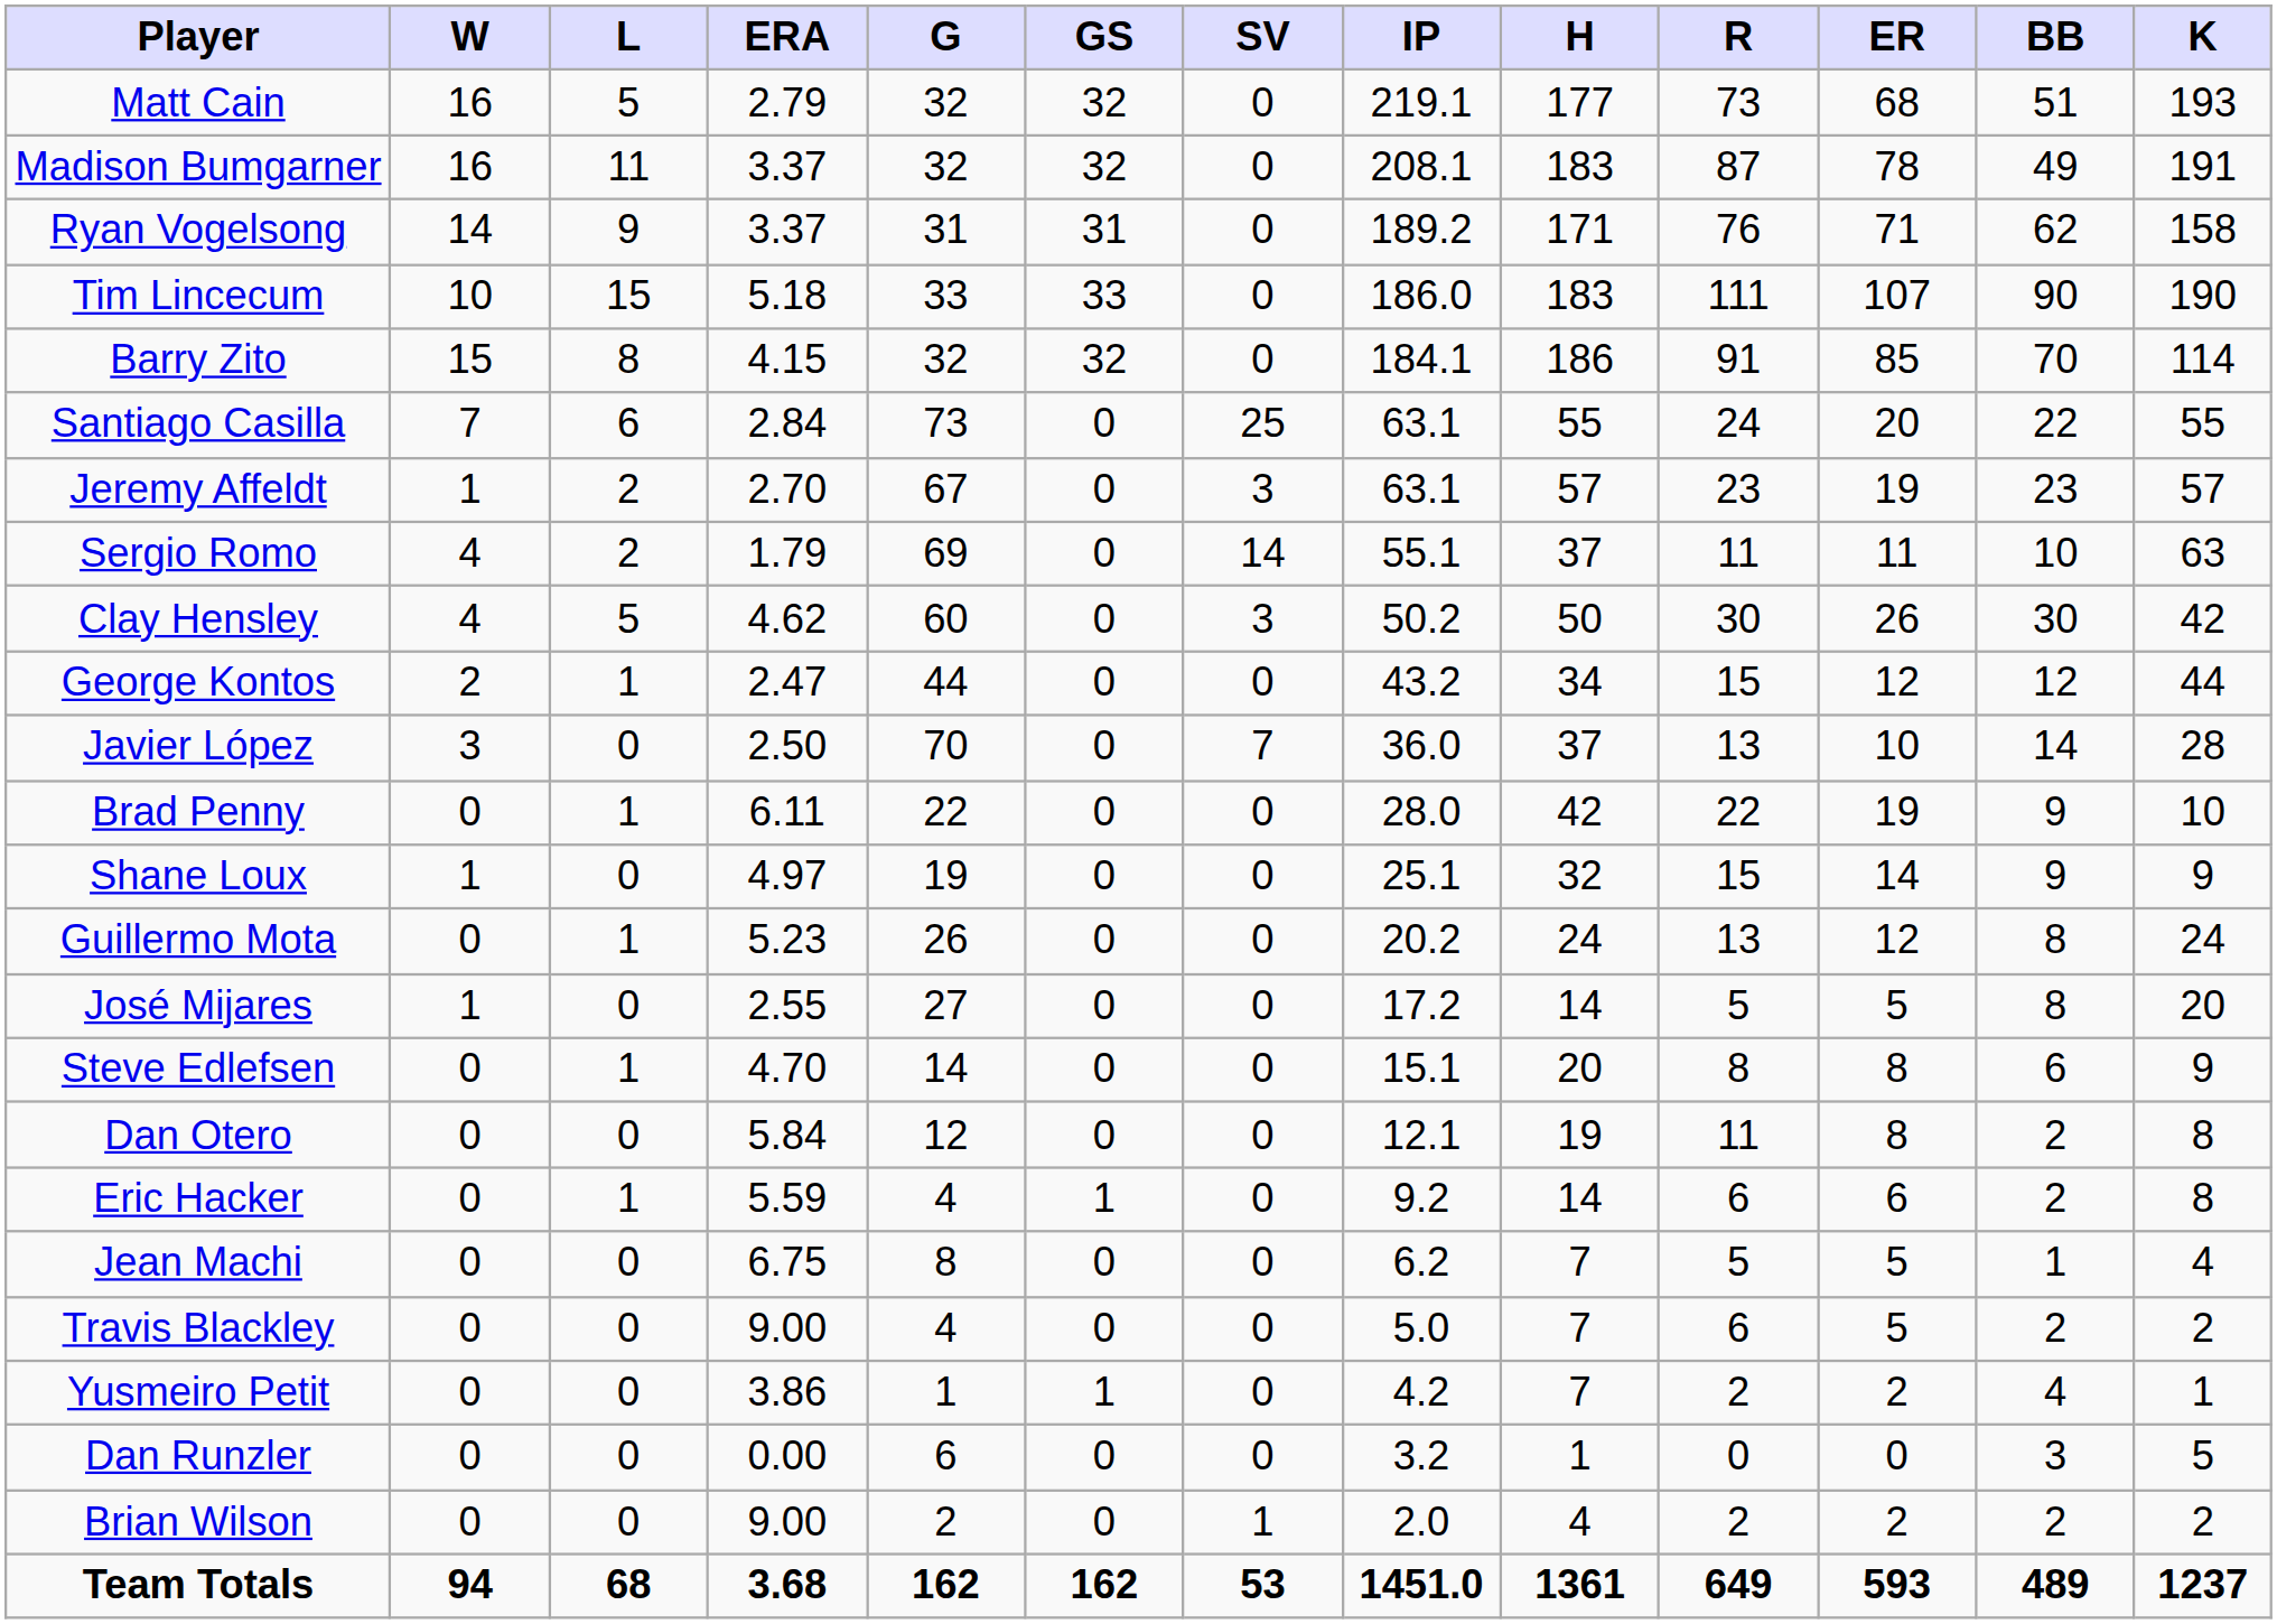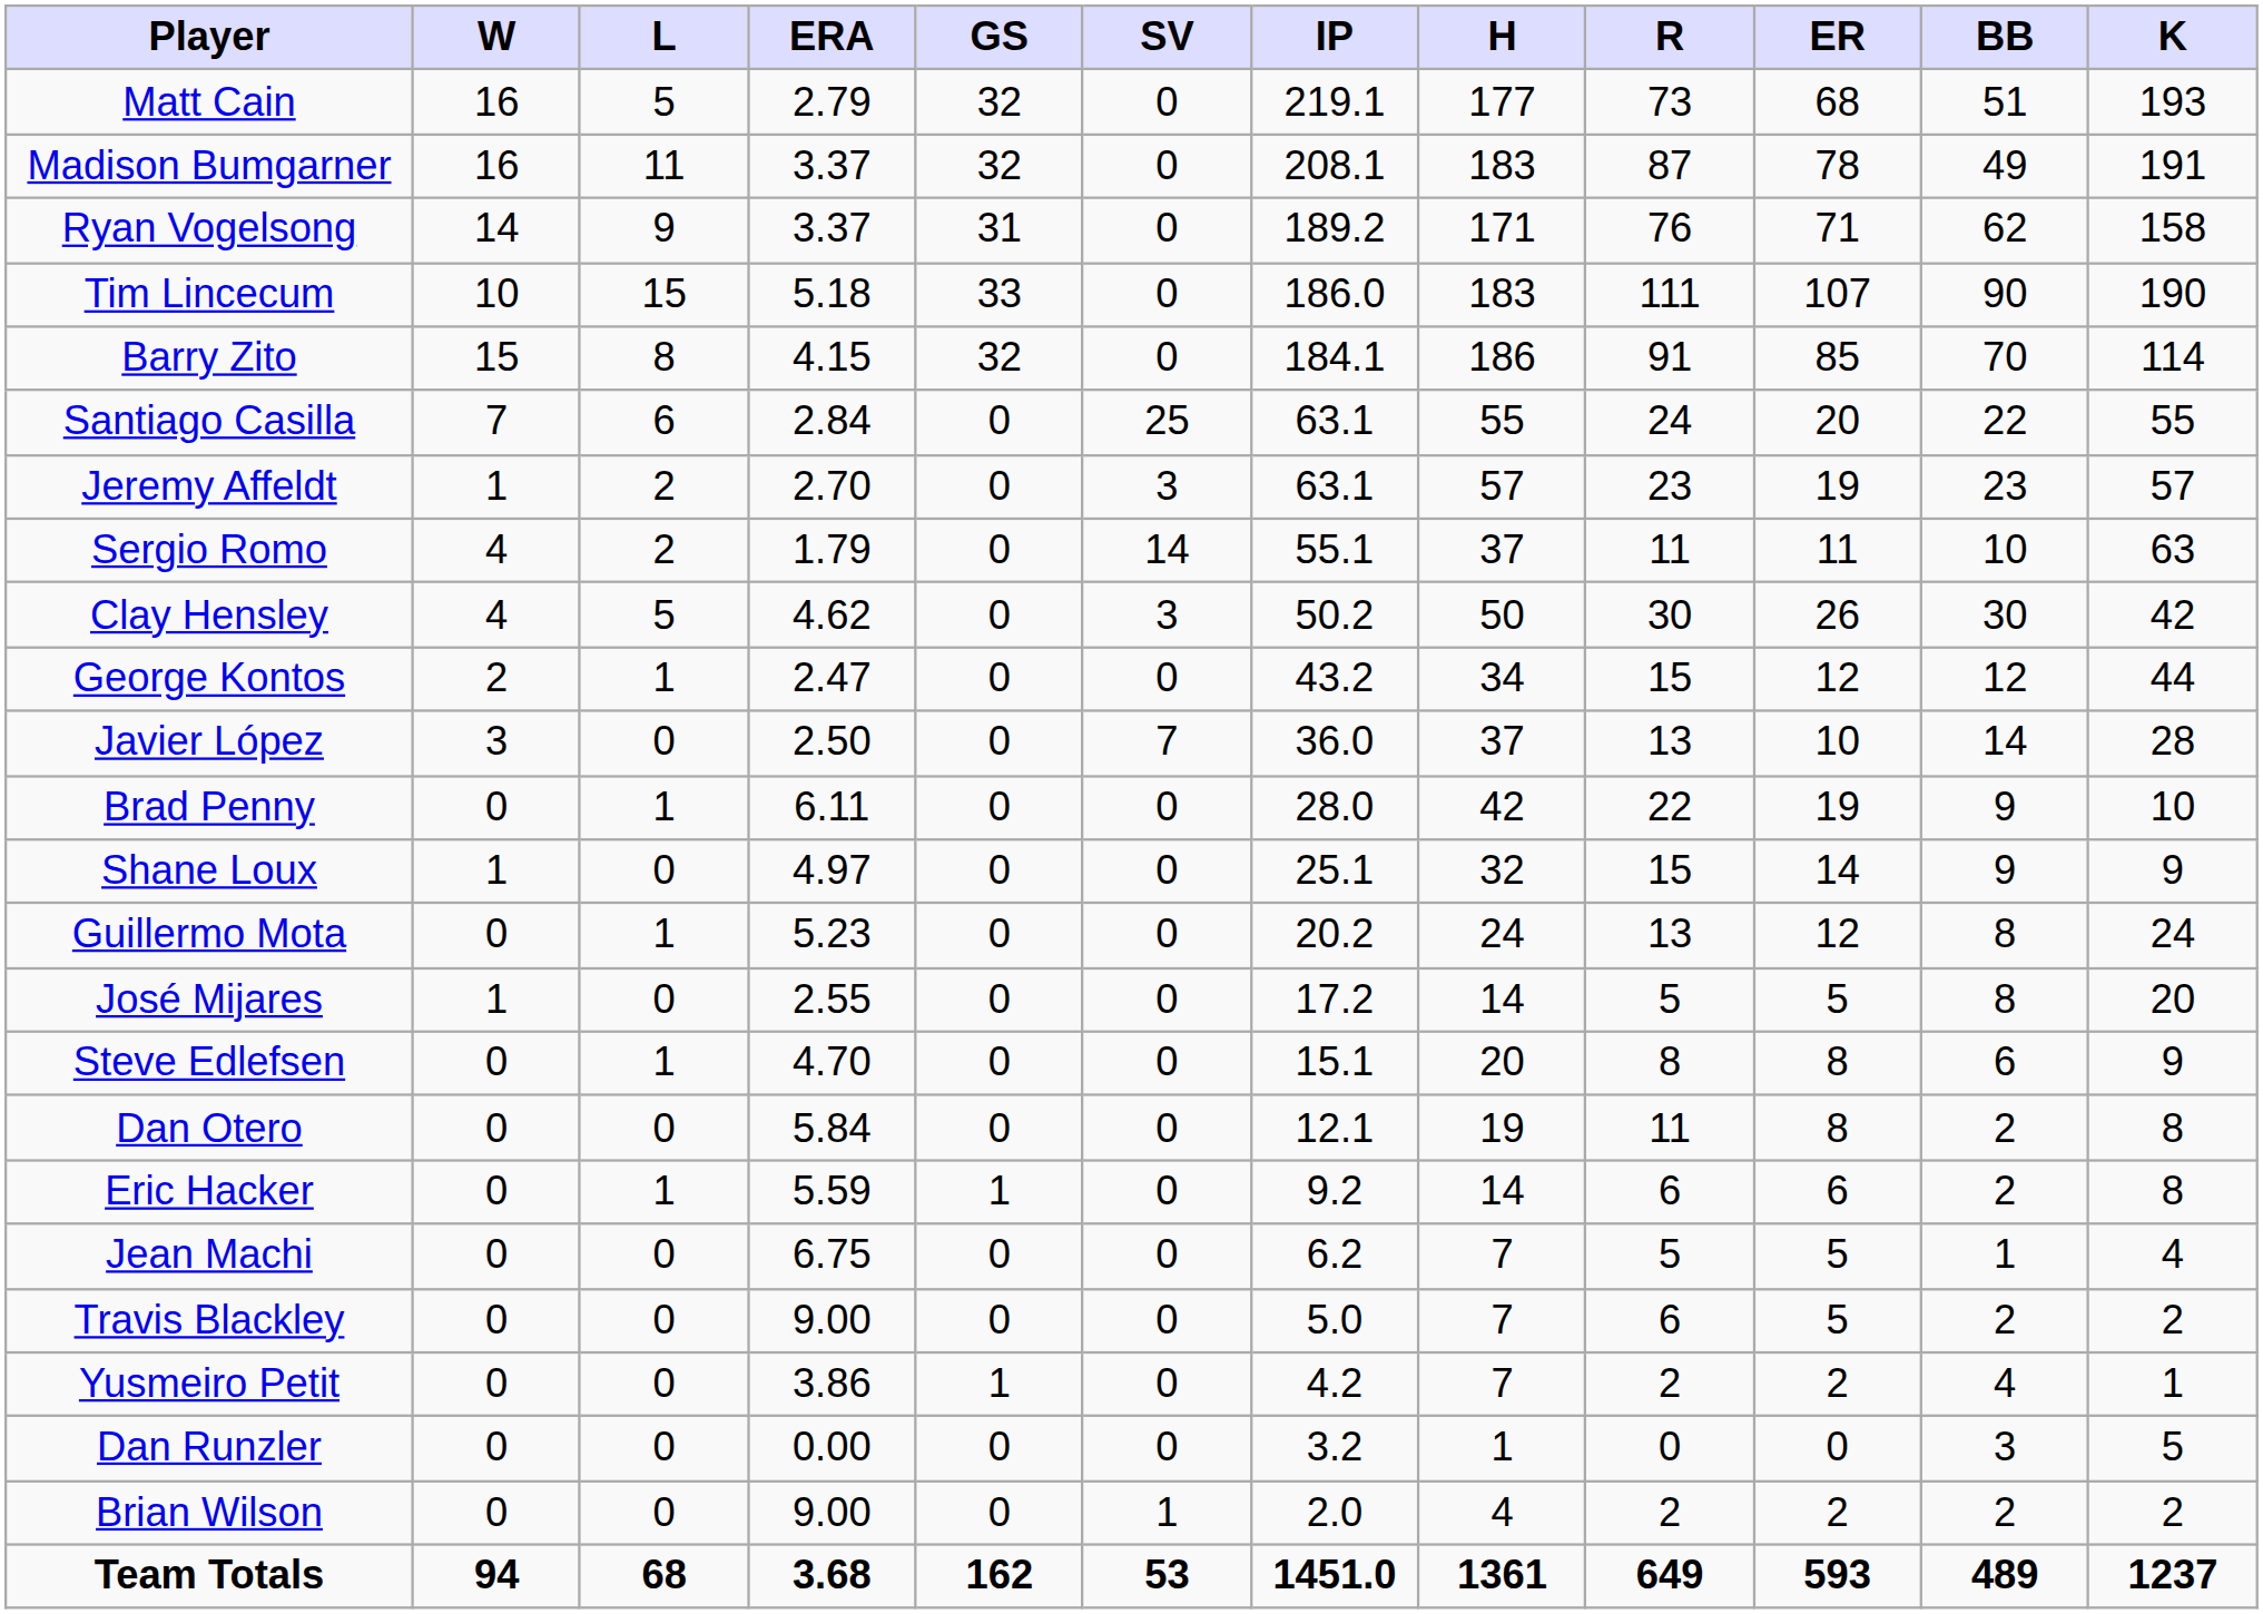 <table class="wikitable sortable" style="text-align:center; border:1px;; cellpadding:2; cellspacing:0;">
 <tr>
 <th style="background:#ddf; width:17%;">Player</th>
 <th style="background:#ddf; width:7%;">W</th>
 <th style="background:#ddf; width:7%;">L</th>
 <th style="background:#ddf; width:7%;">ERA</th>
-<th style="background:#ddf; width:7%;">G</th>
 <th style="background:#ddf; width:7%;">GS</th>
 <th style="background:#ddf; width:7%;">SV</th>
 <th style="background:#ddf; width:7%;">IP</th>
 <th style="background:#ddf; width:7%;">H</th>
 <th style="background:#ddf; width:7%;">R</th>
 <th style="background:#ddf; width:7%;">ER</th>
 <th style="background:#ddf; width:7%;">BB</th>
 <th style="background:#ddf; width:7%;">K</th>
 </tr>
 <tr align=center>
 <td><a href='#'>Matt Cain</a></td>
 <td>16</td>
 <td>5</td>
 <td>2.79</td>
 <td>32</td>
-<td>32</td>
 <td>0</td>
 <td>219.1</td>
 <td>177</td>
 <td>73</td>
 <td>68</td>
 <td>51</td>
 <td>193</td>
 </tr>
 <tr align=center>
 <td><a href='#'>Madison Bumgarner</a></td>
 <td>16</td>
 <td>11</td>
 <td>3.37</td>
-<td>32</td>
 <td>32</td>
 <td>0</td>
 <td>208.1</td>
 <td>183</td>
 <td>87</td>
 <td>78</td>
 <td>49</td>
 <td>191</td>
 </tr>
 <tr align=center>
 <td><a href='#'>Ryan Vogelsong</a></td>
 <td>14</td>
 <td>9</td>
 <td>3.37</td>
 <td>31</td>
-<td>31</td>
 <td>0</td>
 <td>189.2</td>
 <td>171</td>
 <td>76</td>
 <td>71</td>
 <td>62</td>
 <td>158</td>
 </tr>
 <tr align=center>
 <td><a href='#'>Tim Lincecum</a></td>
 <td>10</td>
 <td>15</td>
 <td>5.18</td>
-<td>33</td>
 <td>33</td>
 <td>0</td>
 <td>186.0</td>
 <td>183</td>
 <td>111</td>
 <td>107</td>
 <td>90</td>
 <td>190</td>
 </tr>
 <tr align=center>
 <td><a href='#'>Barry Zito</a></td>
 <td>15</td>
 <td>8</td>
 <td>4.15</td>
 <td>32</td>
-<td>32</td>
 <td>0</td>
 <td>184.1</td>
 <td>186</td>
 <td>91</td>
 <td>85</td>
 <td>70</td>
 <td>114</td>
 </tr>
 <tr align=center>
 <td><a href='#'>Santiago Casilla</a></td>
 <td>7</td>
 <td>6</td>
 <td>2.84</td>
-<td>73</td>
 <td>0</td>
 <td>25</td>
 <td>63.1</td>
 <td>55</td>
 <td>24</td>
 <td>20</td>
 <td>22</td>
 <td>55</td>
 </tr>
 <tr align=center>
 <td><a href='#'>Jeremy Affeldt</a></td>
 <td>1</td>
 <td>2</td>
 <td>2.70</td>
-<td>67</td>
 <td>0</td>
 <td>3</td>
 <td>63.1</td>
 <td>57</td>
 <td>23</td>
 <td>19</td>
 <td>23</td>
 <td>57</td>
 </tr>
 <tr align=center>
 <td><a href='#'>Sergio Romo</a></td>
 <td>4</td>
 <td>2</td>
 <td>1.79</td>
-<td>69</td>
 <td>0</td>
 <td>14</td>
 <td>55.1</td>
 <td>37</td>
 <td>11</td>
 <td>11</td>
 <td>10</td>
 <td>63</td>
 </tr>
 <tr align=center>
 <td><a href='#'>Clay Hensley</a></td>
 <td>4</td>
 <td>5</td>
 <td>4.62</td>
-<td>60</td>
 <td>0</td>
 <td>3</td>
 <td>50.2</td>
 <td>50</td>
 <td>30</td>
 <td>26</td>
 <td>30</td>
 <td>42</td>
 </tr>
 <tr align=center>
 <td><a href='#'>George Kontos</a></td>
 <td>2</td>
 <td>1</td>
 <td>2.47</td>
-<td>44</td>
 <td>0</td>
 <td>0</td>
 <td>43.2</td>
 <td>34</td>
 <td>15</td>
 <td>12</td>
 <td>12</td>
 <td>44</td>
 </tr>
 <tr align=center>
 <td><a href='#'>Javier López</a></td>
 <td>3</td>
 <td>0</td>
 <td>2.50</td>
-<td>70</td>
 <td>0</td>
 <td>7</td>
 <td>36.0</td>
 <td>37</td>
 <td>13</td>
 <td>10</td>
 <td>14</td>
 <td>28</td>
 </tr>
 <tr align=center>
 <td><a href='#'>Brad Penny</a></td>
 <td>0</td>
 <td>1</td>
 <td>6.11</td>
-<td>22</td>
 <td>0</td>
 <td>0</td>
 <td>28.0</td>
 <td>42</td>
 <td>22</td>
 <td>19</td>
 <td>9</td>
 <td>10</td>
 </tr>
 <tr align=center>
 <td><a href='#'>Shane Loux</a></td>
 <td>1</td>
 <td>0</td>
 <td>4.97</td>
-<td>19</td>
 <td>0</td>
 <td>0</td>
 <td>25.1</td>
 <td>32</td>
 <td>15</td>
 <td>14</td>
 <td>9</td>
 <td>9</td>
 </tr>
 <tr align=center>
 <td><a href='#'>Guillermo Mota</a></td>
 <td>0</td>
 <td>1</td>
 <td>5.23</td>
-<td>26</td>
 <td>0</td>
 <td>0</td>
 <td>20.2</td>
 <td>24</td>
 <td>13</td>
 <td>12</td>
 <td>8</td>
 <td>24</td>
 </tr>
 <tr align=center>
 <td><a href='#'>José Mijares</a></td>
 <td>1</td>
 <td>0</td>
 <td>2.55</td>
-<td>27</td>
 <td>0</td>
 <td>0</td>
 <td>17.2</td>
 <td>14</td>
 <td>5</td>
 <td>5</td>
 <td>8</td>
 <td>20</td>
 </tr>
 <tr align=center>
 <td><a href='#'>Steve Edlefsen</a></td>
 <td>0</td>
 <td>1</td>
 <td>4.70</td>
-<td>14</td>
 <td>0</td>
 <td>0</td>
 <td>15.1</td>
 <td>20</td>
 <td>8</td>
 <td>8</td>
 <td>6</td>
 <td>9</td>
 </tr>
 <tr align=center>
 <td><a href='#'>Dan Otero</a></td>
 <td>0</td>
 <td>0</td>
 <td>5.84</td>
-<td>12</td>
 <td>0</td>
 <td>0</td>
 <td>12.1</td>
 <td>19</td>
 <td>11</td>
 <td>8</td>
 <td>2</td>
 <td>8</td>
 </tr>
 <tr align=center>
 <td><a href='#'>Eric Hacker</a></td>
 <td>0</td>
 <td>1</td>
 <td>5.59</td>
-<td>4</td>
 <td>1</td>
 <td>0</td>
 <td>9.2</td>
 <td>14</td>
 <td>6</td>
 <td>6</td>
 <td>2</td>
 <td>8</td>
 </tr>
 <tr align=center>
 <td><a href='#'>Jean Machi</a></td>
 <td>0</td>
 <td>0</td>
 <td>6.75</td>
-<td>8</td>
 <td>0</td>
 <td>0</td>
 <td>6.2</td>
 <td>7</td>
 <td>5</td>
 <td>5</td>
 <td>1</td>
 <td>4</td>
 </tr>
 <tr align=center>
 <td><a href='#'>Travis Blackley</a></td>
 <td>0</td>
 <td>0</td>
 <td>9.00</td>
-<td>4</td>
 <td>0</td>
 <td>0</td>
 <td>5.0</td>
 <td>7</td>
 <td>6</td>
 <td>5</td>
 <td>2</td>
 <td>2</td>
 </tr>
 <tr align=center>
 <td><a href='#'>Yusmeiro Petit</a></td>
 <td>0</td>
 <td>0</td>
 <td>3.86</td>
 <td>1</td>
-<td>1</td>
 <td>0</td>
 <td>4.2</td>
 <td>7</td>
 <td>2</td>
 <td>2</td>
 <td>4</td>
 <td>1</td>
 </tr>
 <tr align=center>
 <td><a href='#'>Dan Runzler</a></td>
 <td>0</td>
 <td>0</td>
 <td>0.00</td>
-<td>6</td>
 <td>0</td>
 <td>0</td>
 <td>3.2</td>
 <td>1</td>
 <td>0</td>
 <td>0</td>
 <td>3</td>
 <td>5</td>
 </tr>
 <tr align=center>
 <td><a href='#'>Brian Wilson</a></td>
 <td>0</td>
 <td>0</td>
 <td>9.00</td>
-<td>2</td>
 <td>0</td>
 <td>1</td>
 <td>2.0</td>
 <td>4</td>
 <td>2</td>
 <td>2</td>
 <td>2</td>
 <td>2</td>
 </tr>
 <tr align=center>
 <td><strong>Team Totals</strong></td>
 <td><strong>94</strong></td>
 <td><strong>68</strong></td>
 <td><strong>3.68</strong></td>
 <td><strong>162</strong></td>
-<td><strong>162</strong></td>
 <td><strong>53</strong></td>
 <td><strong>1451.0</strong></td>
 <td><strong>1361</strong></td>
 <td><strong>649</strong></td>
 <td><strong>593</strong></td>
 <td><strong>489</strong></td>
 <td><strong>1237</strong></td>
 </tr>
 </table>
